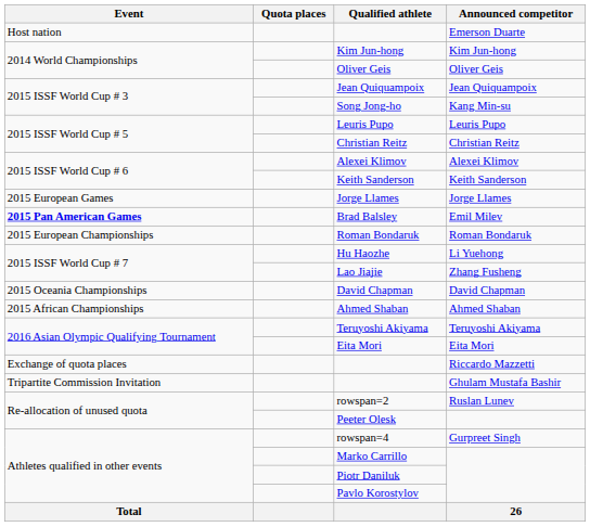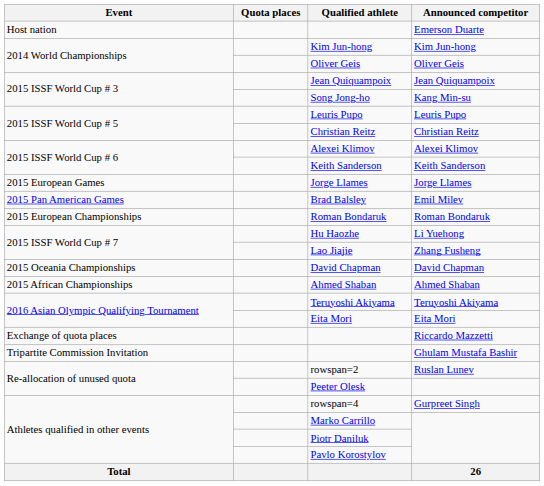 <table class=wikitable style="text-align:left" width=800>
 <tr>
 <th>Event</th>
 <th>Quota places</th>
 <th>Qualified athlete</th>
 <th>Announced competitor</th>
 </tr>
 <tr>
 <td>Host nation</td>
 <td></td>
 <td></td>
 <td><a href='#'>Emerson Duarte</a></td>
 </tr>
 <tr>
 <td rowspan="2">2014 World Championships</td>
 <td></td>
 <td><a href='#'>Kim Jun-hong</a></td>
 <td><a href='#'>Kim Jun-hong</a></td>
 </tr>
 <tr>
 <td></td>
 <td><a href='#'>Oliver Geis</a></td>
 <td><a href='#'>Oliver Geis</a></td>
 </tr>
 <tr>
 <td rowspan="2">2015 ISSF World Cup # 3</td>
 <td></td>
 <td><a href='#'>Jean Quiquampoix</a></td>
 <td><a href='#'>Jean Quiquampoix</a></td>
 </tr>
 <tr>
 <td></td>
 <td><a href='#'>Song Jong-ho</a></td>
 <td><a href='#'>Kang Min-su</a></td>
 </tr>
 <tr>
 <td rowspan="2">2015 ISSF World Cup # 5</td>
 <td></td>
 <td><a href='#'>Leuris Pupo</a></td>
 <td><a href='#'>Leuris Pupo</a></td>
 </tr>
 <tr>
 <td></td>
 <td><a href='#'>Christian Reitz</a></td>
 <td><a href='#'>Christian Reitz</a></td>
 </tr>
 <tr>
 <td rowspan="2">2015 ISSF World Cup # 6</td>
 <td></td>
 <td><a href='#'>Alexei Klimov</a></td>
 <td><a href='#'>Alexei Klimov</a></td>
 </tr>
 <tr>
 <td></td>
 <td><a href='#'>Keith Sanderson</a></td>
 <td><a href='#'>Keith Sanderson</a></td>
 </tr>
 <tr>
 <td>2015 European Games</td>
 <td></td>
 <td><a href='#'>Jorge Llames</a></td>
 <td><a href='#'>Jorge Llames</a></td>
 </tr>
 <tr>
-<td rowspan="1"><strong><a href='#'>2015 Pan American Games</a></strong></td>
+<td rowspan="1"><a href='#'>2015 Pan American Games</a></td>
 <td></td>
 <td><a href='#'>Brad Balsley</a></td>
 <td><a href='#'>Emil Milev</a></td>
 </tr>
 <tr>
 <td rowspan="1">2015 European Championships</td>
 <td></td>
 <td><a href='#'>Roman Bondaruk</a></td>
 <td><a href='#'>Roman Bondaruk</a></td>
 </tr>
 <tr>
 <td rowspan="2">2015 ISSF World Cup # 7</td>
 <td></td>
 <td><a href='#'>Hu Haozhe</a></td>
 <td><a href='#'>Li Yuehong</a></td>
 </tr>
 <tr>
 <td></td>
 <td><a href='#'>Lao Jiajie</a></td>
 <td><a href='#'>Zhang Fusheng</a></td>
 </tr>
 <tr>
 <td rowspan="1">2015 Oceania Championships</td>
 <td></td>
 <td><a href='#'>David Chapman</a></td>
 <td><a href='#'>David Chapman</a></td>
 </tr>
 <tr>
 <td rowspan="1">2015 African Championships</td>
 <td></td>
 <td><a href='#'>Ahmed Shaban</a></td>
 <td><a href='#'>Ahmed Shaban</a></td>
 </tr>
 <tr>
 <td rowspan="2"><a href='#'>2016 Asian Olympic Qualifying Tournament</a></td>
 <td></td>
 <td><a href='#'>Teruyoshi Akiyama</a></td>
 <td><a href='#'>Teruyoshi Akiyama</a></td>
 </tr>
 <tr>
 <td></td>
 <td><a href='#'>Eita Mori</a></td>
 <td><a href='#'>Eita Mori</a></td>
 </tr>
 <tr>
 <td>Exchange of quota places</td>
 <td></td>
 <td></td>
 <td><a href='#'>Riccardo Mazzetti</a></td>
 </tr>
 <tr>
 <td>Tripartite Commission Invitation</td>
 <td></td>
 <td></td>
 <td><a href='#'>Ghulam Mustafa Bashir</a></td>
 </tr>
 <tr>
 <td rowspan=2>Re-allocation of unused quota</td>
 <td></td>
 <td>rowspan=2 </td>
 <td><a href='#'>Ruslan Lunev</a></td>
 </tr>
 <tr>
 <td></td>
 <td><a href='#'>Peeter Olesk</a></td>
 </tr>
 <tr>
 <td rowspan=4>Athletes qualified in other events</td>
 <td></td>
 <td>rowspan=4  </td>
 <td><a href='#'>Gurpreet Singh</a></td>
 </tr>
 <tr>
 <td></td>
 <td><a href='#'>Marko Carrillo</a></td>
 </tr>
 <tr>
 <td></td>
 <td><a href='#'>Piotr Daniluk</a></td>
 </tr>
 <tr>
 <td></td>
 <td><a href='#'>Pavlo Korostylov</a></td>
 </tr>
 <tr>
 <th>Total</th>
 <th></th>
 <th></th>
 <th>26</th>
 </tr>
 </table>
